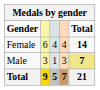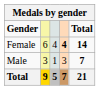 <table class="wikitable" style="text-align:center;font-size:90%">
 <tr style="background:#efefef;">
 <th colspan=7><strong>Medals by gender</strong></th>
 </tr>
 <tr>
 <td><strong>Gender</strong></td>
 <td bgcolor=#f7f6a8></td>
 <td bgcolor=#dce5e5></td>
 <td bgcolor=#ffdab9></td>
 <td><strong>Total</strong></td>
 </tr>
 <tr>
 <td style="text-align:left;">Female</td>
 <td style="background:#F7F6A8;">6</td>
 <td style="background:#DCE5E5;">4</td>
-<td style="background:#FFDAB9;">4</td>
+<td style="background:#FFDAB9;"><strong>4</strong></td>
 <td><strong>14</strong></td>
 </tr>
 <tr>
 <td style="text-align:left;">Male</td>
 <td style="background:#F7F6A8;">3</td>
 <td style="background:#DCE5E5;">1</td>
 <td style="background:#FFDAB9;">3</td>
-<td style="background: khaki;"><strong>7</strong></td>
+<td><strong>7</strong></td>
 </tr>
 <tr>
 <th style="text-align:left;"><strong>Total</strong></th>
 <th style="background:gold;"><strong>9</strong></th>
 <th style="background:silver;"><strong>5</strong></th>
 <th style="background:#c96;"><strong>7</strong></th>
 <th><strong>21</strong></th>
 </tr>
 </table>
